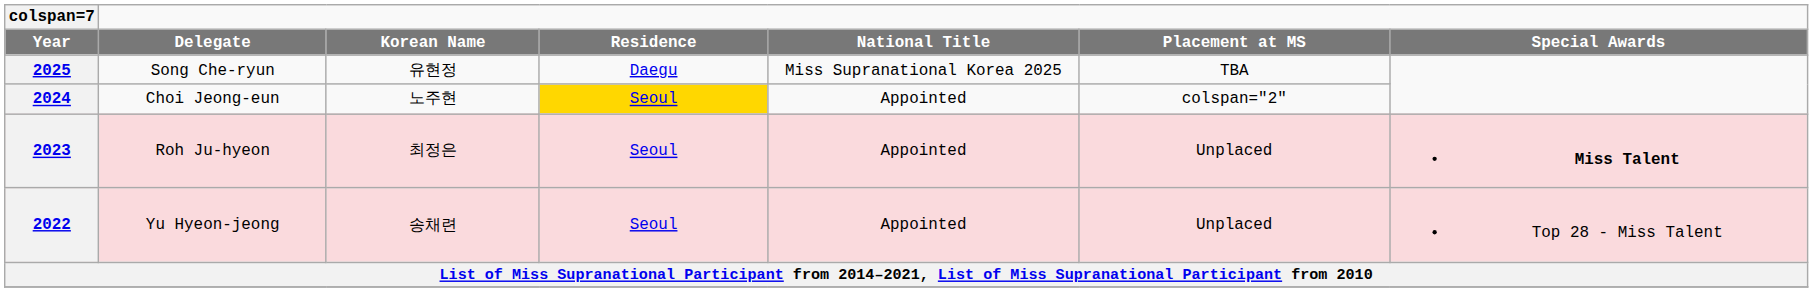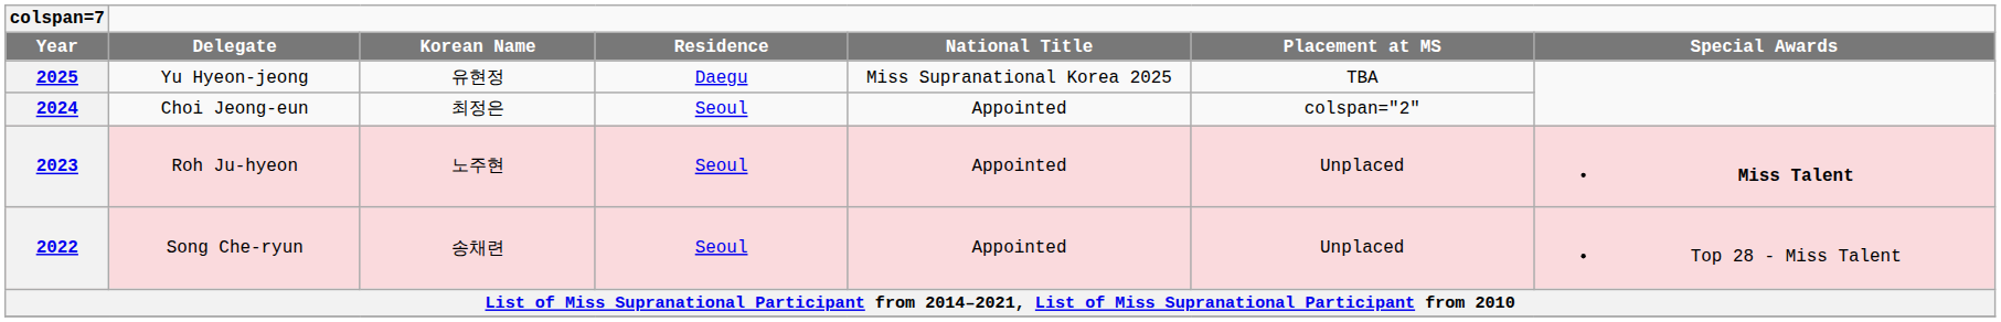 <table class="wikitable sortable" style="font-size: 85%; text-align:center">
 <tr>
 <th>colspan=7 </th>
 </tr>
 <tr>
 <th width="60" style="background-color:#787878;color:#FFFFFF;">Year</th>
 <th width="160" style="background-color:#787878;color:#FFFFFF;">Delegate</th>
 <th width="150" style="background-color:#787878;color:#FFFFFF;">Korean Name</th>
 <th width="160" style="background-color:#787878;color:#FFFFFF;">Residence</th>
 <th width="220" style="background-color:#787878;color:#FFFFFF;">National Title</th>
 <th width="220" style="background-color:#787878;color:#FFFFFF;">Placement at MS</th>
 <th width="300" style="background-color:#787878;color:#FFFFFF;">Special Awards</th>
 </tr>
 <tr>
 <th><a href='#'>2025</a></th>
-<td>Song Che-ryun</td>
+<td>Yu Hyeon-jeong</td>
 <td>유현정</td>
 <td><a href='#'>Daegu</a></td>
 <td>Miss Supranational Korea 2025</td>
 <td>TBA</td>
 </tr>
 <tr>
 <th><a href='#'>2024</a></th>
 <td>Choi Jeong-eun</td>
-<td>노주현</td>
-<td style="background: gold;"><a href='#'>Seoul</a></td>
+<td>최정은</td>
+<td><a href='#'>Seoul</a></td>
 <td>Appointed</td>
 <td>colspan="2" </td>
 </tr>
 <tr style="background-color:#FADADD;: bold">
 <th><a href='#'>2023</a></th>
 <td>Roh Ju-hyeon</td>
-<td>최정은</td>
+<td>노주현</td>
 <td><a href='#'>Seoul</a></td>
 <td>Appointed</td>
 <td>Unplaced</td>
 <td><br><ul><li><strong>Miss Talent</strong></li></ul></td>
 </tr>
 <tr style="background-color:#FADADD;: bold">
 <th><a href='#'>2022</a></th>
-<td>Yu Hyeon-jeong</td>
+<td>Song Che-ryun</td>
 <td>송채련</td>
 <td><a href='#'>Seoul</a></td>
 <td>Appointed</td>
 <td>Unplaced</td>
 <td><br><ul><li>Top 28 - Miss Talent</li></ul></td>
 </tr>
 <tr>
 <th colspan="8" style="font-size:95%;"><a href='#'>List of Miss Supranational Participant</a> from 2014–2021, <a href='#'>List of Miss Supranational Participant</a> from 2010</th>
 </tr>
 <tr>
 </tr>
 </table>
